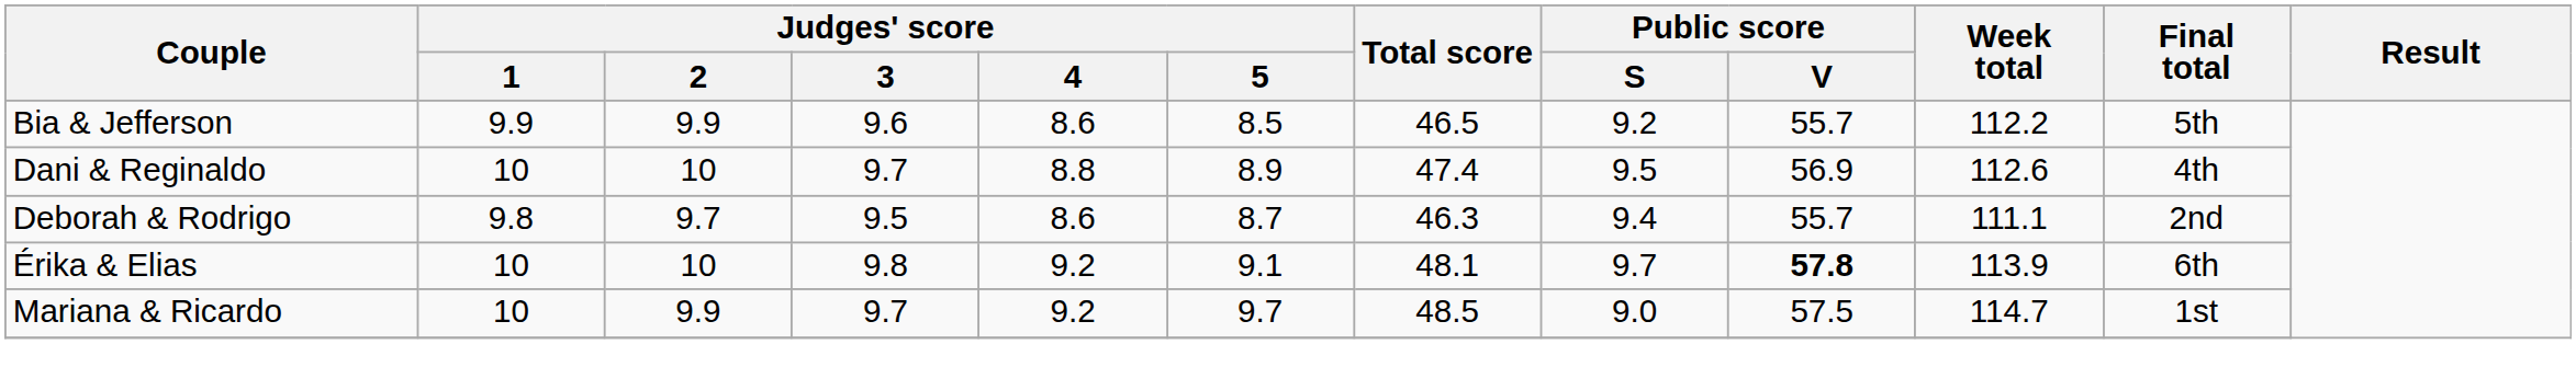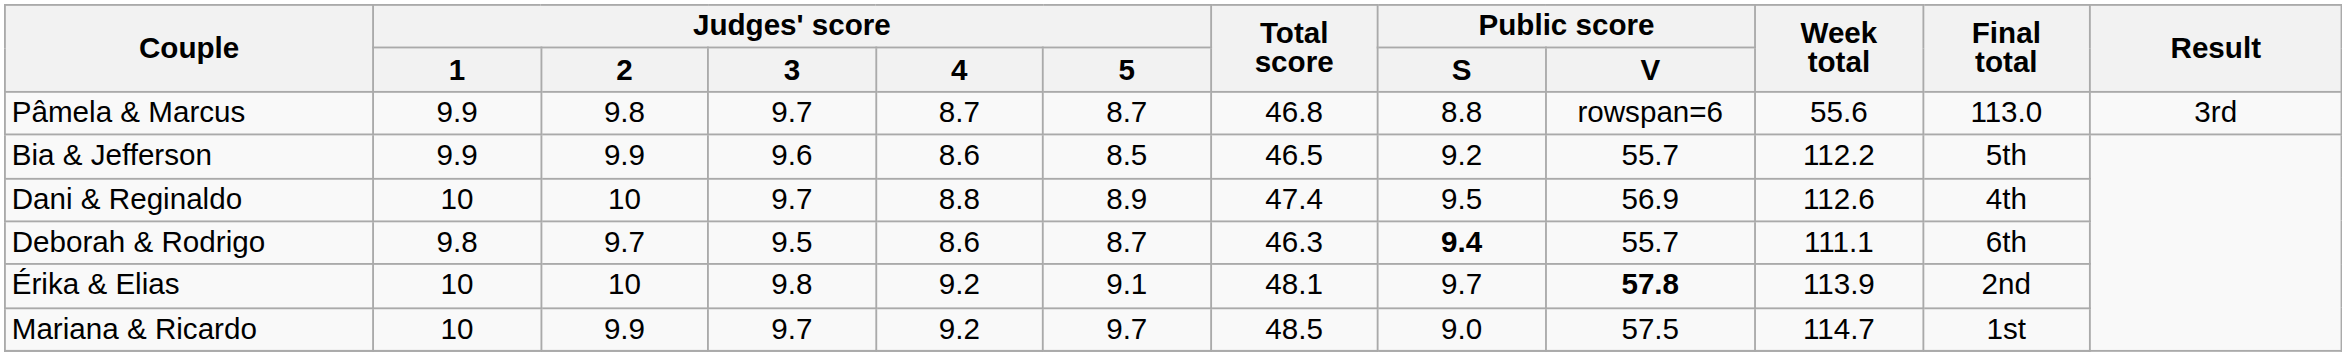 <table class="wikitable" style="font-size:100%; line-height:16px; text-align:center" width="100%">
 <tr>
 <th rowspan=2 width="11.0%">Couple</th>
 <th colspan=5 width="25.0%">Judges' score</th>
 <th rowspan=2 width="05.0%">Total score</th>
 <th colspan=2 width="10.0%">Public score</th>
 <th rowspan=2 width="05.0%">Week<br>total</th>
 <th rowspan=2 width="05.0%">Final<br>total</th>
 <th rowspan=2 width="07.5%">Result</th>
 </tr>
 <tr>
 <th width="05.0%">1</th>
 <th width="05.0%">2</th>
 <th width="05.0%">3</th>
 <th width="05.0%">4</th>
 <th width="05.0%">5</th>
 <th width="05.0%">S</th>
 <th width="05.0%">V</th>
+</tr>
+<tr>
+<td align="left">Pâmela & Marcus</td>
+<td>9.9</td>
+<td>9.8</td>
+<td>9.7</td>
+<td>8.7</td>
+<td>8.7</td>
+<td>46.8</td>
+<td>8.8</td>
+<td>rowspan=6 </td>
+<td>55.6</td>
+<td>113.0</td>
+<td>3rd</td>
 </tr>
 <tr>
 <td align="left">Bia & Jefferson</td>
 <td>9.9</td>
 <td>9.9</td>
 <td>9.6</td>
 <td>8.6</td>
 <td>8.5</td>
 <td>46.5</td>
 <td>9.2</td>
 <td>55.7</td>
 <td>112.2</td>
 <td>5th</td>
 </tr>
 <tr>
 <td align="left">Dani & Reginaldo</td>
 <td>10</td>
 <td>10</td>
 <td>9.7</td>
 <td>8.8</td>
 <td>8.9</td>
 <td>47.4</td>
 <td>9.5</td>
 <td>56.9</td>
 <td>112.6</td>
 <td>4th</td>
 </tr>
 <tr>
 <td align="left">Deborah & Rodrigo</td>
 <td>9.8</td>
 <td>9.7</td>
 <td>9.5</td>
 <td>8.6</td>
 <td>8.7</td>
 <td>46.3</td>
-<td>9.4</td>
+<td><strong>9.4</strong></td>
 <td>55.7</td>
 <td>111.1</td>
-<td>2nd</td>
+<td>6th</td>
 </tr>
 <tr>
 <td align="left">Érika & Elias</td>
 <td>10</td>
 <td>10</td>
 <td>9.8</td>
 <td>9.2</td>
 <td>9.1</td>
 <td>48.1</td>
 <td>9.7</td>
 <td><strong>57.8</strong></td>
 <td>113.9</td>
-<td>6th</td>
+<td>2nd</td>
 </tr>
 <tr>
 <td align="left">Mariana & Ricardo</td>
 <td>10</td>
 <td>9.9</td>
 <td>9.7</td>
 <td>9.2</td>
 <td>9.7</td>
 <td>48.5</td>
 <td>9.0</td>
 <td>57.5</td>
 <td>114.7</td>
 <td>1st</td>
 </tr>
 <tr>
 </tr>
 </table>
